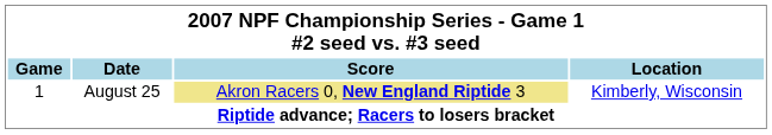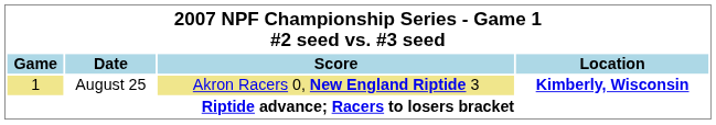 <table cellpadding="1"  style="min-width:45em;text-align:center;font-size:100%; border:1px solid gray;">
 <tr style="font-size:larger;">
 <th colspan=8>2007 NPF Championship Series - Game 1<br> #2 seed vs. #3 seed</th>
 </tr>
 <tr style="background:lightblue;">
 <th>Game</th>
 <th>Date</th>
 <th>Score</th>
 <th>Location</th>
 </tr>
 <tr>
-<td>1</td>
+<td style="background: khaki;">1</td>
 <td>August 25</td>
 <td style="background: khaki;"><a href='#'>Akron Racers</a> 0, <strong><a href='#'>New England Riptide</a></strong> 3</td>
-<td><a href='#'>Kimberly, Wisconsin</a></td>
+<td><strong><a href='#'>Kimberly, Wisconsin</a></strong></td>
 </tr>
 <tr>
 <th colspan=8><strong><a href='#'>Riptide</a></strong> advance; <a href='#'>Racers</a> to losers bracket</th>
 </tr>
 </table>
